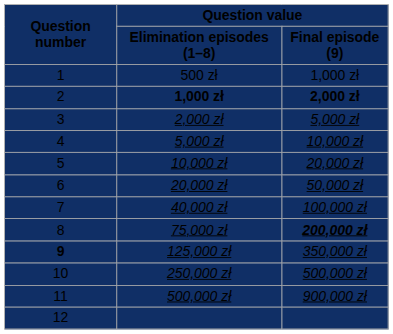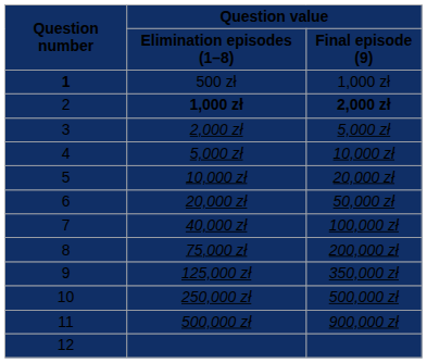 <table class="wikitable" style="text-align:center; border:1px;; cellpadding:2; cellspacing:0; width:50%;">
 <tr>
 <th rowspan="2" style="background: #102f66"><span>Question number</span></th>
 <th colspan="2" style="background: #102f66"><span>Question value</span></th>
 </tr>
 <tr>
 <th style="background: #102f66"><span>Elimination episodes (1–8)</span></th>
 <th style="background: #102f66"><span>Final episode (9)</span></th>
 </tr>
 <tr>
-<td style="background: #102f66"><span>1</span></td>
+<td style="background: #102f66"><strong><span>1</span></strong></td>
 <td style="background: #102f66"><span>500 zł</span></td>
 <td style="background: #102f66"><span>1,000 zł</span></td>
 </tr>
 <tr>
 <td style="background: #102f66"><span>2</span></td>
 <td style="background: #102f66"><span><strong>1,000 zł</strong></span></td>
 <td style="background: #102f66"><span><strong>2,000 zł</strong></span></td>
 </tr>
 <tr>
 <td style="background: #102f66"><span>3</span></td>
 <td style="background: #102f66"><span><em><u>2,000 zł</u></em></span></td>
 <td style="background: #102f66"><span><em><u>5,000 zł</u></em></span></td>
 </tr>
 <tr>
 <td style="background: #102f66"><span>4</span></td>
 <td style="background: #102f66"><span><em><u>5,000 zł</u></em></span></td>
 <td style="background: #102f66"><span><em><u>10,000 zł</u></em></span></td>
 </tr>
 <tr>
 <td style="background: #102f66"><span>5</span></td>
 <td style="background: #102f66"><span><em><u>10,000 zł</u></em></span></td>
 <td style="background: #102f66"><span><em><u>20,000 zł</u></em></span></td>
 </tr>
 <tr>
 <td style="background: #102f66"><span>6</span></td>
 <td style="background: #102f66"><span><em><u>20,000 zł</u></em></span></td>
 <td style="background: #102f66"><span><em><u>50,000 zł</u></em></span></td>
 </tr>
 <tr>
 <td style="background: #102f66"><span>7</span></td>
 <td style="background: #102f66"><span><em><u>40,000 zł</u></em></span></td>
 <td style="background: #102f66"><span><em><u>100,000 zł</u></em></span></td>
 </tr>
 <tr>
 <td style="background: #102f66"><span>8</span></td>
 <td style="background: #102f66"><span><em><u>75,000 zł</u></em></span></td>
-<td style="background: #102f66"><strong><span><em><u>200,000 zł</u></em></span></strong></td>
+<td style="background: #102f66"><span><em><u>200,000 zł</u></em></span></td>
 </tr>
 <tr>
-<td style="background: #102f66"><strong><span>9</span></strong></td>
+<td style="background: #102f66"><span>9</span></td>
 <td style="background: #102f66"><span><em><u>125,000 zł</u></em></span></td>
 <td style="background: #102f66"><span><em><u>350,000 zł</u></em></span></td>
 </tr>
 <tr>
 <td style="background: #102f66"><span>10</span></td>
 <td style="background: #102f66"><span><em><u>250,000 zł</u></em></span></td>
 <td style="background: #102f66"><span><em><u>500,000 zł</u></em></span></td>
 </tr>
 <tr>
 <td style="background: #102f66"><span>11</span></td>
 <td style="background: #102f66"><span><em><u>500,000 zł</u></em></span></td>
 <td style="background: #102f66"><span><em><u>900,000 zł</u></em></span></td>
 </tr>
 <tr>
 <td style="background: #102f66"><span>12</span></td>
 <td style="background: #102f66"><span></span></td>
 <td style="background: #102f66"><span></span></td>
 </tr>
 </table>
